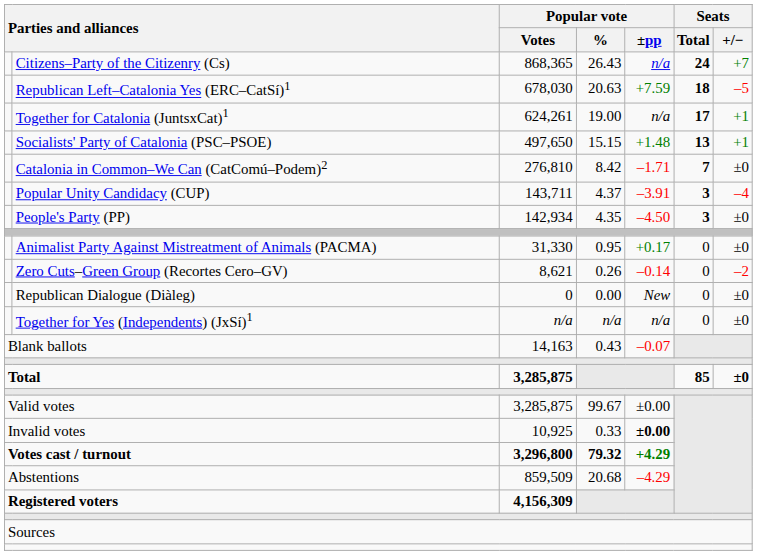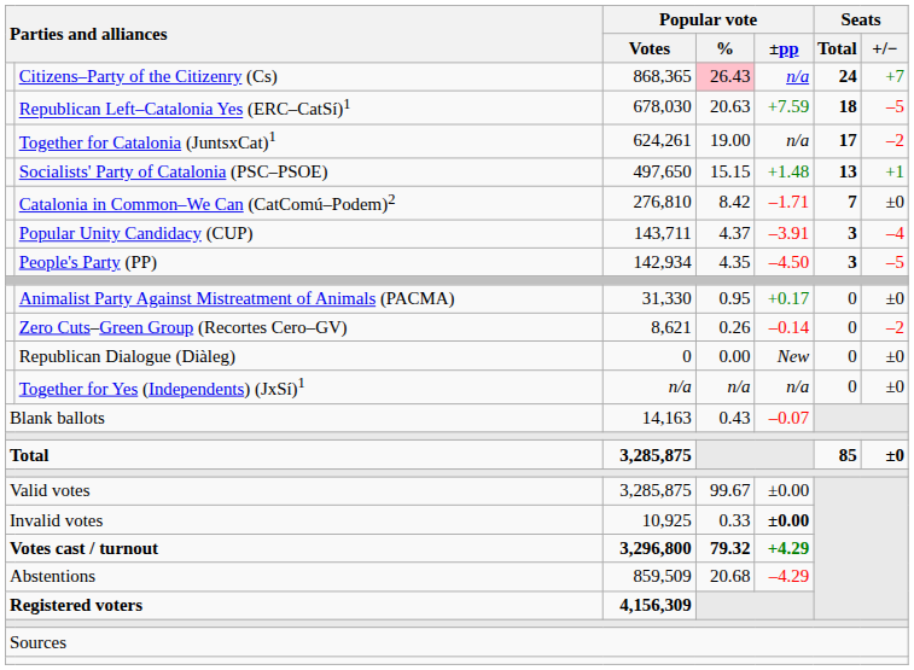 <table class="wikitable" style="text-align:right;">
 <tr>
 <th style="text-align:left;" rowspan="2" colspan="2" width="525">Parties and alliances</th>
 <th colspan="3">Popular vote</th>
 <th colspan="2">Seats</th>
 </tr>
 <tr>
 <th width="75">Votes</th>
 <th width="45">%</th>
 <th width="45">±<a href='#'>pp</a></th>
 <th width="35">Total</th>
 <th width="35">+/−</th>
 </tr>
 <tr>
 <td style="color:inherit;background:"></td>
 <td align="left"><a href='#'>Citizens–Party of the Citizenry</a> (Cs)</td>
 <td>868,365</td>
-<td>26.43</td>
+<td style="background: pink;">26.43</td>
 <td><em><a href='#'>n/a</a></em></td>
 <td><strong>24</strong></td>
 <td style="color:green;">+7</td>
 </tr>
 <tr>
 <td style="color:inherit;background:"></td>
 <td align="left"><a href='#'>Republican Left–Catalonia Yes</a> (ERC–CatSí)<sup>1</sup></td>
 <td>678,030</td>
 <td>20.63</td>
 <td style="color:green;">+7.59</td>
 <td><strong>18</strong></td>
 <td style="color:red;">–5</td>
 </tr>
 <tr>
 <td width="1" style="color:inherit;background:"></td>
 <td align="left"><a href='#'>Together for Catalonia</a> (JuntsxCat)<sup>1</sup></td>
 <td>624,261</td>
 <td>19.00</td>
 <td><em>n/a</em></td>
 <td><strong>17</strong></td>
-<td style="color:green;">+1</td>
+<td style="color:red;">–2</td>
 </tr>
 <tr>
 <td style="color:inherit;background:"></td>
 <td align="left"><a href='#'>Socialists' Party of Catalonia</a> (PSC–PSOE)</td>
 <td>497,650</td>
 <td>15.15</td>
 <td style="color:green;">+1.48</td>
 <td><strong>13</strong></td>
 <td style="color:green;">+1</td>
 </tr>
 <tr>
 <td style="color:inherit;background:"></td>
 <td align="left"><a href='#'>Catalonia in Common–We Can</a> (CatComú–Podem)<sup>2</sup></td>
 <td>276,810</td>
 <td>8.42</td>
 <td style="color:red;">–1.71</td>
 <td><strong>7</strong></td>
 <td>±0</td>
 </tr>
 <tr>
 <td style="color:inherit;background:"></td>
 <td align="left"><a href='#'>Popular Unity Candidacy</a> (CUP)</td>
 <td>143,711</td>
 <td>4.37</td>
 <td style="color:red;">–3.91</td>
 <td><strong>3</strong></td>
 <td style="color:red;">–4</td>
 </tr>
 <tr>
 <td style="color:inherit;background:"></td>
 <td align="left"><a href='#'>People's Party</a> (PP)</td>
 <td>142,934</td>
 <td>4.35</td>
 <td style="color:red;">–4.50</td>
 <td><strong>3</strong></td>
-<td>±0</td>
+<td style="color:red;">–5</td>
 </tr>
 <tr>
 <td colspan="7" bgcolor="#C0C0C0"></td>
 </tr>
 <tr>
 <td style="color:inherit;background:"></td>
 <td align="left"><a href='#'>Animalist Party Against Mistreatment of Animals</a> (PACMA)</td>
 <td>31,330</td>
 <td>0.95</td>
 <td style="color:green;">+0.17</td>
 <td>0</td>
 <td>±0</td>
 </tr>
 <tr>
 <td style="color:inherit;background:"></td>
 <td align="left"><a href='#'>Zero Cuts</a>–<a href='#'>Green Group</a> (Recortes Cero–GV)</td>
 <td>8,621</td>
 <td>0.26</td>
 <td style="color:red;">–0.14</td>
 <td>0</td>
 <td style="color:red;">–2</td>
 </tr>
 <tr>
 <td style="color:inherit;background:"></td>
 <td align="left">Republican Dialogue (Diàleg)</td>
 <td>0</td>
 <td>0.00</td>
 <td><em>New</em></td>
 <td>0</td>
 <td>±0</td>
 </tr>
 <tr>
 <td style="color:inherit;background:"></td>
 <td align="left"><a href='#'>Together for Yes</a> (<a href='#'>Independents</a>) (JxSí)<sup>1</sup></td>
 <td><em>n/a</em></td>
 <td><em>n/a</em></td>
 <td><em>n/a</em></td>
 <td>0</td>
 <td>±0</td>
 </tr>
 <tr>
 <td align="left" colspan="2">Blank ballots</td>
 <td>14,163</td>
 <td>0.43</td>
 <td style="color:red;">–0.07</td>
 <td bgcolor="#E9E9E9" colspan="2"></td>
 </tr>
 <tr>
 <td colspan="7" bgcolor="#E9E9E9"></td>
 </tr>
 <tr style="font-weight:bold;">
 <td align="left" colspan="2">Total</td>
 <td>3,285,875</td>
 <td bgcolor="#E9E9E9" colspan="2"></td>
 <td>85</td>
 <td>±0</td>
 </tr>
 <tr>
 <td colspan="7" bgcolor="#E9E9E9"></td>
 </tr>
 <tr>
 <td align="left" colspan="2">Valid votes</td>
 <td>3,285,875</td>
 <td>99.67</td>
 <td>±0.00</td>
 <td bgcolor="#E9E9E9" colspan="2" rowspan="5"></td>
 </tr>
 <tr>
 <td align="left" colspan="2">Invalid votes</td>
 <td>10,925</td>
 <td>0.33</td>
 <td><strong>±0.00</strong></td>
 </tr>
 <tr style="font-weight:bold;">
 <td align="left" colspan="2">Votes cast / turnout</td>
 <td>3,296,800</td>
 <td>79.32</td>
 <td style="color:green;">+4.29</td>
 </tr>
 <tr>
 <td align="left" colspan="2">Abstentions</td>
 <td>859,509</td>
 <td>20.68</td>
 <td style="color:red;">–4.29</td>
 </tr>
 <tr style="font-weight:bold;">
 <td align="left" colspan="2">Registered voters</td>
 <td>4,156,309</td>
 <td bgcolor="#E9E9E9" colspan="2"></td>
 </tr>
 <tr>
 <td colspan="7" bgcolor="#E9E9E9"></td>
 </tr>
 <tr>
 <td align="left" colspan="7">Sources</td>
 </tr>
 <tr>
 <td colspan="7" style="text-align:left; max-width:790px;"></td>
 </tr>
 </table>
